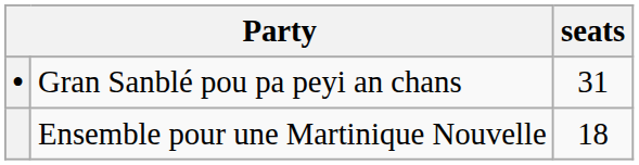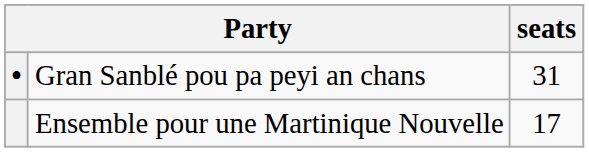 <table class="wikitable" style="font-size: 95%;">
 <tr>
 <th colspan="2">Party</th>
 <th>seats</th>
 </tr>
 <tr>
 <th style="background-color: "><span>•</span></th>
 <td>Gran Sanblé pou pa peyi an chans</td>
 <td align="center">31</td>
 </tr>
 <tr>
 <th style="background-color: "></th>
 <td>Ensemble pour une Martinique Nouvelle</td>
-<td align="center">18</td>
+<td align="center">17</td>
 </tr>
 </table>
